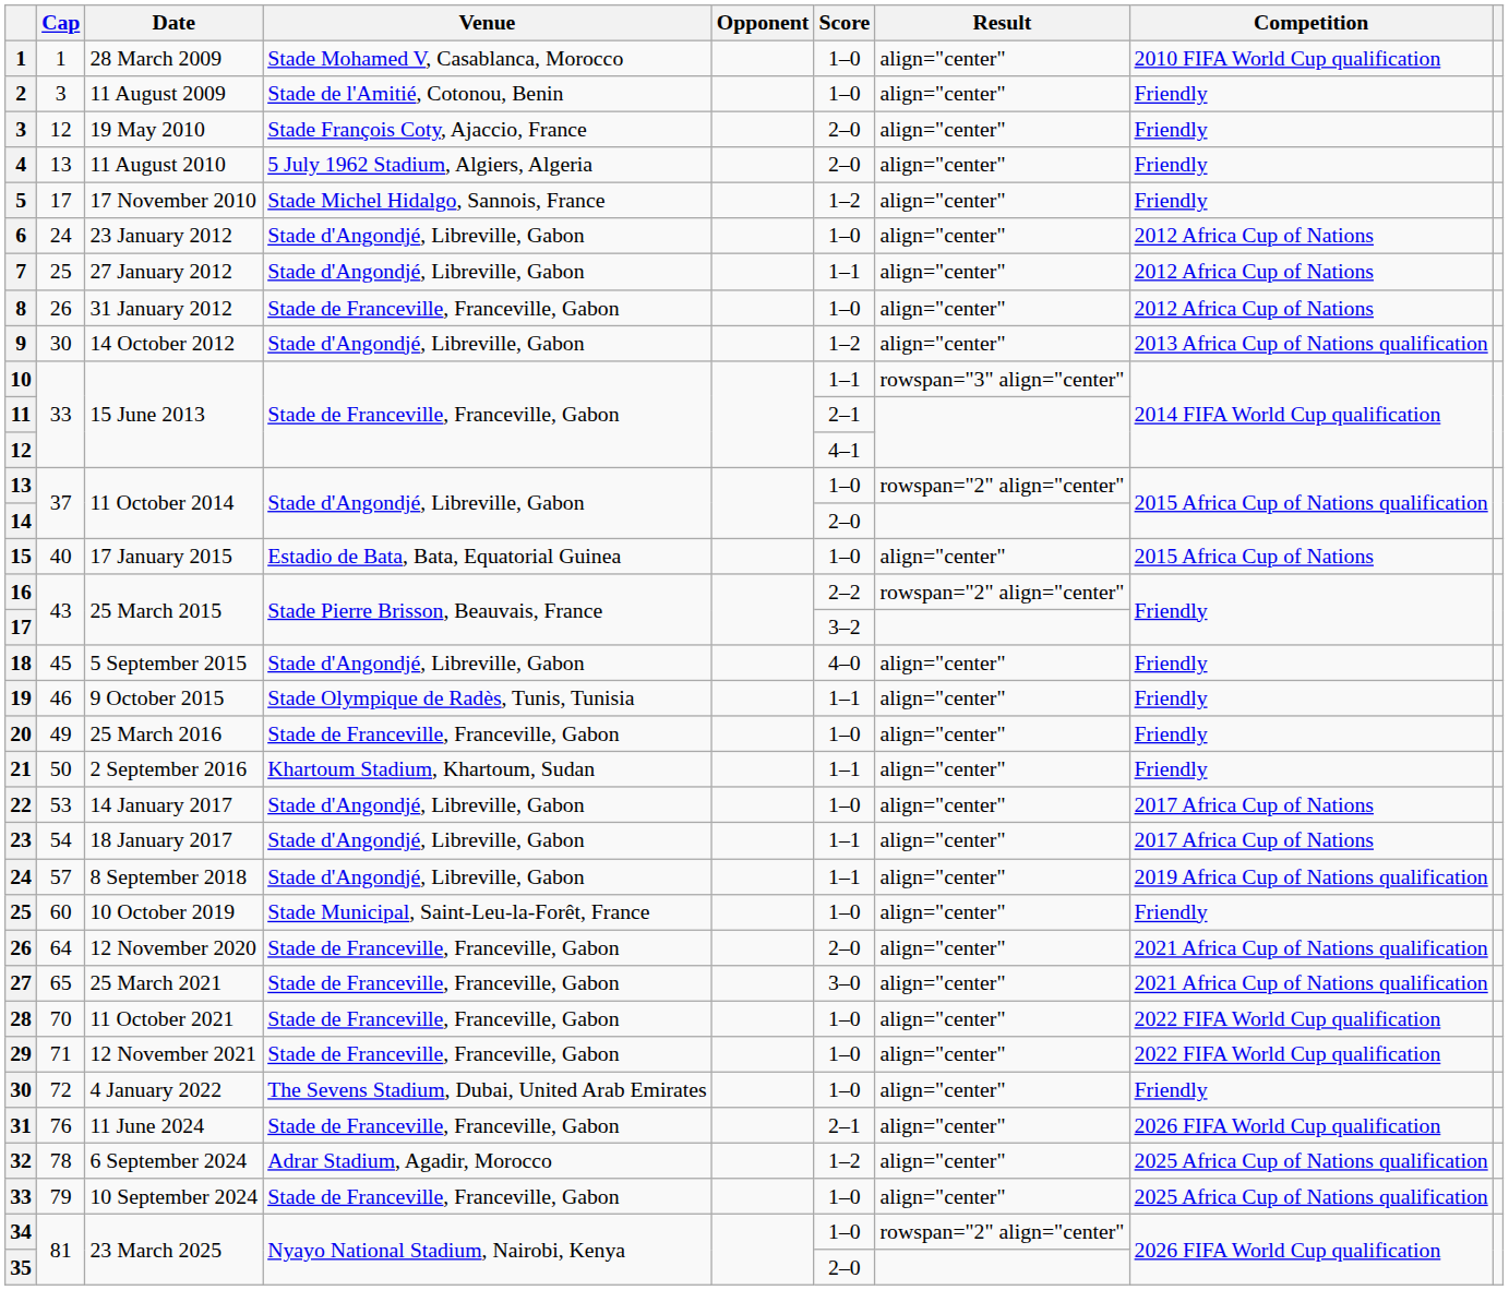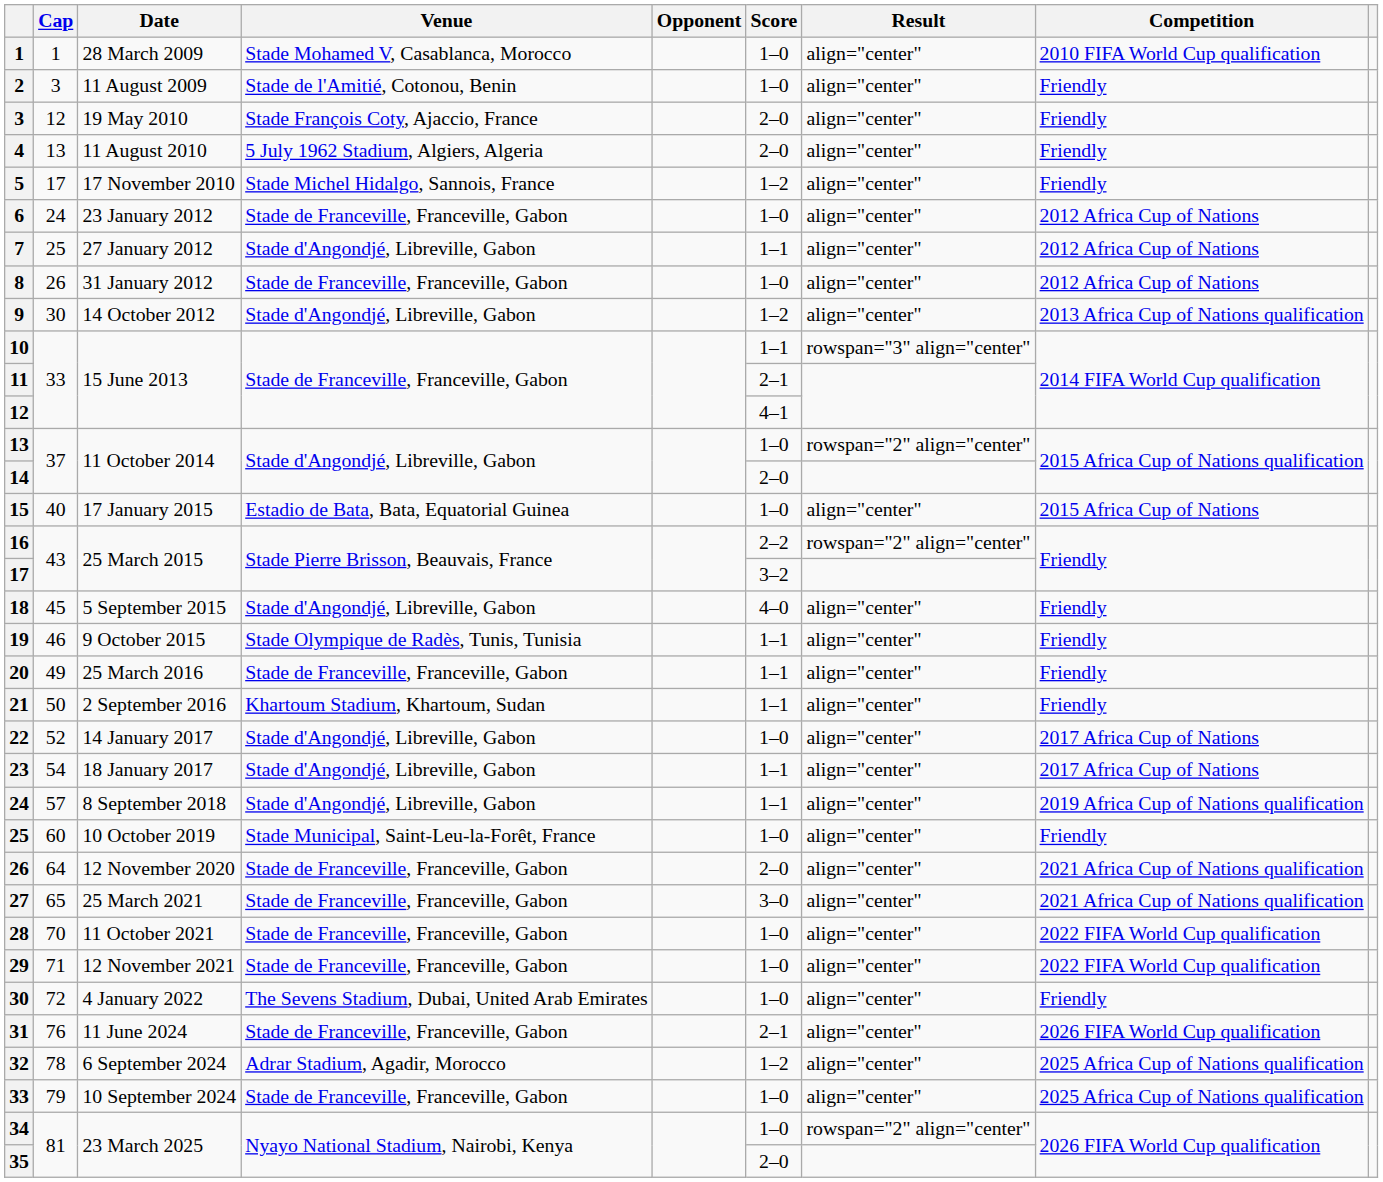 <table class="wikitable sortable" style="font-size:95%">
 <tr>
 <th scope="col"></th>
 <th scope="col"><a href='#'>Cap</a></th>
 <th scope="col">Date</th>
 <th scope="col">Venue</th>
 <th scope="col">Opponent</th>
 <th scope="col">Score</th>
 <th scope="col">Result</th>
 <th scope="col">Competition</th>
 <th scope="col" class="unsortable"></th>
 </tr>
 <tr>
 <th scope="row" align="center">1</th>
 <td align="center">1</td>
 <td>28 March 2009</td>
 <td><a href='#'>Stade Mohamed V</a>, Casablanca, Morocco</td>
 <td></td>
 <td align="center">1–0</td>
 <td>align="center" </td>
 <td><a href='#'>2010 FIFA World Cup qualification</a></td>
 <td align="center"></td>
 </tr>
 <tr>
 <th scope="row" align="center">2</th>
 <td align="center">3</td>
 <td>11 August 2009</td>
 <td><a href='#'>Stade de l'Amitié</a>, Cotonou, Benin</td>
 <td></td>
 <td align="center">1–0</td>
 <td>align="center" </td>
 <td><a href='#'>Friendly</a></td>
 <td align="center"></td>
 </tr>
 <tr>
 <th scope="row" align="center">3</th>
 <td align="center">12</td>
 <td>19 May 2010</td>
 <td><a href='#'>Stade François Coty</a>, Ajaccio, France</td>
 <td></td>
 <td align="center">2–0</td>
 <td>align="center" </td>
 <td><a href='#'>Friendly</a></td>
 <td align="center"></td>
 </tr>
 <tr>
 <th scope="row" align="center">4</th>
 <td align="center">13</td>
 <td>11 August 2010</td>
 <td><a href='#'>5 July 1962 Stadium</a>, Algiers, Algeria</td>
 <td></td>
 <td align="center">2–0</td>
 <td>align="center" </td>
 <td><a href='#'>Friendly</a></td>
 <td align="center"></td>
 </tr>
 <tr>
 <th scope="row" align="center">5</th>
 <td align="center">17</td>
 <td>17 November 2010</td>
 <td><a href='#'>Stade Michel Hidalgo</a>, Sannois, France</td>
 <td></td>
 <td align="center">1–2</td>
 <td>align="center" </td>
 <td><a href='#'>Friendly</a></td>
 <td align="center"></td>
 </tr>
 <tr>
 <th scope="row" align="center">6</th>
 <td align="center">24</td>
 <td>23 January 2012</td>
-<td><a href='#'>Stade d'Angondjé</a>, Libreville, Gabon</td>
+<td><a href='#'>Stade de Franceville</a>, Franceville, Gabon</td>
 <td></td>
 <td align="center">1–0</td>
 <td>align="center" </td>
 <td><a href='#'>2012 Africa Cup of Nations</a></td>
 <td align="center"></td>
 </tr>
 <tr>
 <th scope="row" align="center">7</th>
 <td align="center">25</td>
 <td>27 January 2012</td>
 <td><a href='#'>Stade d'Angondjé</a>, Libreville, Gabon</td>
 <td></td>
 <td align="center">1–1</td>
 <td>align="center" </td>
 <td><a href='#'>2012 Africa Cup of Nations</a></td>
 <td align="center"></td>
 </tr>
 <tr>
 <th scope="row" align="center">8</th>
 <td align="center">26</td>
 <td>31 January 2012</td>
 <td><a href='#'>Stade de Franceville</a>, Franceville, Gabon</td>
 <td></td>
 <td align="center">1–0</td>
 <td>align="center" </td>
 <td><a href='#'>2012 Africa Cup of Nations</a></td>
 <td align="center"></td>
 </tr>
 <tr>
 <th scope="row" align="center">9</th>
 <td align="center">30</td>
 <td>14 October 2012</td>
 <td><a href='#'>Stade d'Angondjé</a>, Libreville, Gabon</td>
 <td></td>
 <td align="center">1–2</td>
 <td>align="center" </td>
 <td><a href='#'>2013 Africa Cup of Nations qualification</a></td>
 <td align="center"></td>
 </tr>
 <tr>
 <th scope="row" align="center">10</th>
 <td rowspan="3" align="center">33</td>
 <td rowspan="3">15 June 2013</td>
 <td rowspan="3"><a href='#'>Stade de Franceville</a>, Franceville, Gabon</td>
 <td rowspan="3"></td>
 <td align="center">1–1</td>
 <td>rowspan="3" align="center" </td>
 <td rowspan="3"><a href='#'>2014 FIFA World Cup qualification</a></td>
 <td rowspan="3" align="center"></td>
 </tr>
 <tr>
 <th scope="row" align="center">11</th>
 <td align="center">2–1</td>
 </tr>
 <tr>
 <th scope="row" align="center">12</th>
 <td align="center">4–1</td>
 </tr>
 <tr>
 <th scope="row" align="center">13</th>
 <td rowspan="2" align="center">37</td>
 <td rowspan="2">11 October 2014</td>
 <td rowspan="2"><a href='#'>Stade d'Angondjé</a>, Libreville, Gabon</td>
 <td rowspan="2"></td>
 <td align="center">1–0</td>
 <td>rowspan="2" align="center" </td>
 <td rowspan="2"><a href='#'>2015 Africa Cup of Nations qualification</a></td>
 <td rowspan="2" align="center"></td>
 </tr>
 <tr>
 <th scope="row" align="center">14</th>
 <td align="center">2–0</td>
 </tr>
 <tr>
 <th scope="row" align="center">15</th>
 <td align="center">40</td>
 <td>17 January 2015</td>
 <td><a href='#'>Estadio de Bata</a>, Bata, Equatorial Guinea</td>
 <td></td>
 <td align="center">1–0</td>
 <td>align="center" </td>
 <td><a href='#'>2015 Africa Cup of Nations</a></td>
 <td align="center"></td>
 </tr>
 <tr>
 <th scope="row" align="center">16</th>
 <td rowspan="2" align="center">43</td>
 <td rowspan="2">25 March 2015</td>
 <td rowspan="2"><a href='#'>Stade Pierre Brisson</a>, Beauvais, France</td>
 <td rowspan="2"></td>
 <td align="center">2–2</td>
 <td>rowspan="2" align="center" </td>
 <td rowspan="2"><a href='#'>Friendly</a></td>
 <td rowspan="2" align="center"></td>
 </tr>
 <tr>
 <th scope="row" align="center">17</th>
 <td align="center">3–2</td>
 </tr>
 <tr>
 <th scope="row" align="center">18</th>
 <td align="center">45</td>
 <td>5 September 2015</td>
 <td><a href='#'>Stade d'Angondjé</a>, Libreville, Gabon</td>
 <td></td>
 <td align="center">4–0</td>
 <td>align="center" </td>
 <td><a href='#'>Friendly</a></td>
 <td align="center"></td>
 </tr>
 <tr>
 <th scope="row" align="center">19</th>
 <td align="center">46</td>
 <td>9 October 2015</td>
 <td><a href='#'>Stade Olympique de Radès</a>, Tunis, Tunisia</td>
 <td></td>
 <td align="center">1–1</td>
 <td>align="center" </td>
 <td><a href='#'>Friendly</a></td>
 <td align="center"></td>
 </tr>
 <tr>
 <th scope="row" align="center">20</th>
 <td align="center">49</td>
 <td>25 March 2016</td>
 <td><a href='#'>Stade de Franceville</a>, Franceville, Gabon</td>
 <td></td>
-<td align="center">1–0</td>
+<td align="center">1–1</td>
 <td>align="center" </td>
 <td><a href='#'>Friendly</a></td>
 <td align="center"></td>
 </tr>
 <tr>
 <th scope="row" align="center">21</th>
 <td align="center">50</td>
 <td>2 September 2016</td>
 <td><a href='#'>Khartoum Stadium</a>, Khartoum, Sudan</td>
 <td></td>
 <td align="center">1–1</td>
 <td>align="center" </td>
 <td><a href='#'>Friendly</a></td>
 <td align="center"></td>
 </tr>
 <tr>
 <th scope="row" align="center">22</th>
-<td align="center">53</td>
+<td align="center">52</td>
 <td>14 January 2017</td>
 <td><a href='#'>Stade d'Angondjé</a>, Libreville, Gabon</td>
 <td></td>
 <td align="center">1–0</td>
 <td>align="center" </td>
 <td><a href='#'>2017 Africa Cup of Nations</a></td>
 <td align="center"></td>
 </tr>
 <tr>
 <th scope="row" align="center">23</th>
 <td align="center">54</td>
 <td>18 January 2017</td>
 <td><a href='#'>Stade d'Angondjé</a>, Libreville, Gabon</td>
 <td></td>
 <td align="center">1–1</td>
 <td>align="center" </td>
 <td><a href='#'>2017 Africa Cup of Nations</a></td>
 <td align="center"></td>
 </tr>
 <tr>
 <th scope="row" align="center">24</th>
 <td align="center">57</td>
 <td>8 September 2018</td>
 <td><a href='#'>Stade d'Angondjé</a>, Libreville, Gabon</td>
 <td></td>
 <td align="center">1–1</td>
 <td>align="center" </td>
 <td><a href='#'>2019 Africa Cup of Nations qualification</a></td>
 <td align="center"></td>
 </tr>
 <tr>
 <th scope="row" align="center">25</th>
 <td align="center">60</td>
 <td>10 October 2019</td>
 <td><a href='#'>Stade Municipal</a>, Saint-Leu-la-Forêt, France</td>
 <td></td>
 <td align="center">1–0</td>
 <td>align="center" </td>
 <td><a href='#'>Friendly</a></td>
 <td align="center"></td>
 </tr>
 <tr>
 <th scope="row" align="center">26</th>
 <td align="center">64</td>
 <td>12 November 2020</td>
 <td><a href='#'>Stade de Franceville</a>, Franceville, Gabon</td>
 <td></td>
 <td align="center">2–0</td>
 <td>align="center" </td>
 <td><a href='#'>2021 Africa Cup of Nations qualification</a></td>
 <td align="center"></td>
 </tr>
 <tr>
 <th scope="row" align="center">27</th>
 <td align="center">65</td>
 <td>25 March 2021</td>
 <td><a href='#'>Stade de Franceville</a>, Franceville, Gabon</td>
 <td></td>
 <td align="center">3–0</td>
 <td>align="center" </td>
 <td><a href='#'>2021 Africa Cup of Nations qualification</a></td>
 <td align="center"></td>
 </tr>
 <tr>
 <th scope="row" align="center">28</th>
 <td align="center">70</td>
 <td>11 October 2021</td>
 <td><a href='#'>Stade de Franceville</a>, Franceville, Gabon</td>
 <td></td>
 <td align="center">1–0</td>
 <td>align="center" </td>
 <td><a href='#'>2022 FIFA World Cup qualification</a></td>
 <td align="center"></td>
 </tr>
 <tr>
 <th scope="row" align="center">29</th>
 <td align="center">71</td>
 <td>12 November 2021</td>
 <td><a href='#'>Stade de Franceville</a>, Franceville, Gabon</td>
 <td></td>
 <td align="center">1–0</td>
 <td>align="center" </td>
 <td><a href='#'>2022 FIFA World Cup qualification</a></td>
 <td align="center"></td>
 </tr>
 <tr>
 <th scope="row" align="center">30</th>
 <td align="center">72</td>
 <td>4 January 2022</td>
 <td><a href='#'>The Sevens Stadium</a>, Dubai, United Arab Emirates</td>
 <td></td>
 <td align="center">1–0</td>
 <td>align="center" </td>
 <td><a href='#'>Friendly</a></td>
 <td align="center"></td>
 </tr>
 <tr>
 <th scope="row" align="center">31</th>
 <td align="center">76</td>
 <td>11 June 2024</td>
 <td><a href='#'>Stade de Franceville</a>, Franceville, Gabon</td>
 <td></td>
 <td align="center">2–1</td>
 <td>align="center" </td>
 <td><a href='#'>2026 FIFA World Cup qualification</a></td>
 <td align="center"></td>
 </tr>
 <tr>
 <th scope="row" align="center">32</th>
 <td align="center">78</td>
 <td>6 September 2024</td>
 <td><a href='#'>Adrar Stadium</a>, Agadir, Morocco</td>
 <td></td>
 <td align="center">1–2</td>
 <td>align="center" </td>
 <td><a href='#'>2025 Africa Cup of Nations qualification</a></td>
 <td align="center"></td>
 </tr>
 <tr>
 <th scope="row" align="center">33</th>
 <td align="center">79</td>
 <td>10 September 2024</td>
 <td><a href='#'>Stade de Franceville</a>, Franceville, Gabon</td>
 <td></td>
 <td align="center">1–0</td>
 <td>align="center" </td>
 <td><a href='#'>2025 Africa Cup of Nations qualification</a></td>
 <td align="center"></td>
 </tr>
 <tr>
 <th scope="row" align="center">34</th>
 <td rowspan="2" align="center">81</td>
 <td rowspan="2">23 March 2025</td>
 <td rowspan="2"><a href='#'>Nyayo National Stadium</a>, Nairobi, Kenya</td>
 <td rowspan="2"></td>
 <td align="center">1–0</td>
 <td>rowspan="2" align="center" </td>
 <td rowspan="2"><a href='#'>2026 FIFA World Cup qualification</a></td>
 <td rowspan="2" align="center"></td>
 </tr>
 <tr>
 <th scope="row" align="center">35</th>
 <td align="center">2–0</td>
 </tr>
 </table>
